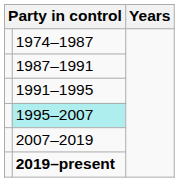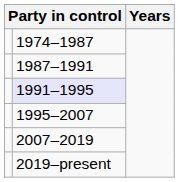 <table class="wikitable">
 <tr>
 <th colspan=2>Party in control</th>
 <th>Years</th>
 </tr>
 <tr>
 <td></td>
 <td>1974–1987</td>
 </tr>
 <tr>
 <td></td>
 <td>1987–1991</td>
 </tr>
 <tr>
 <td></td>
-<td>1991–1995</td>
+<td style="background: lavender;">1991–1995</td>
 </tr>
 <tr>
 <td></td>
-<td style="background: paleturquoise;">1995–2007</td>
+<td>1995–2007</td>
 </tr>
 <tr>
 <td></td>
 <td>2007–2019</td>
 </tr>
 <tr>
 <td></td>
-<td><strong>2019–present</strong></td>
+<td>2019–present</td>
 </tr>
 </table>
